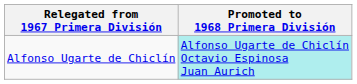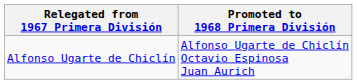 <table class="wikitable">
 <tr>
 <th>Relegated from<br><a href='#'>1967 Primera División</a></th>
 <th>Promoted to<br><a href='#'>1968 Primera División</a></th>
 </tr>
 <tr>
 <td> <a href='#'>Alfonso Ugarte de Chiclín</a> </td>
-<td style="background: paleturquoise;"> <a href='#'>Alfonso Ugarte de Chiclín</a> <br> <a href='#'>Octavio Espinosa</a> <br> <a href='#'>Juan Aurich</a> </td>
+<td> <a href='#'>Alfonso Ugarte de Chiclín</a> <br> <a href='#'>Octavio Espinosa</a> <br> <a href='#'>Juan Aurich</a> </td>
 </tr>
 </table>
